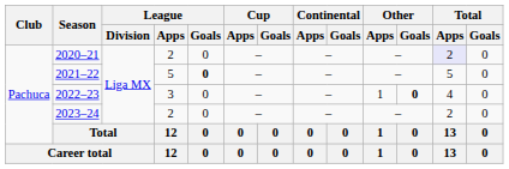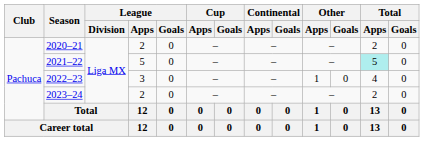 <table class="wikitable" style="text-align: center">
 <tr>
 <th rowspan="2">Club</th>
 <th rowspan="2">Season</th>
 <th colspan="3">League</th>
 <th colspan="2">Cup</th>
 <th colspan="2">Continental</th>
 <th colspan="2">Other</th>
 <th colspan="2">Total</th>
 </tr>
 <tr>
 <th>Division</th>
 <th>Apps</th>
 <th>Goals</th>
 <th>Apps</th>
 <th>Goals</th>
 <th>Apps</th>
 <th>Goals</th>
 <th>Apps</th>
 <th>Goals</th>
 <th>Apps</th>
 <th>Goals</th>
 </tr>
 <tr>
 <td rowspan=5><a href='#'>Pachuca</a></td>
 <td><a href='#'>2020–21</a></td>
 <td rowspan=4><a href='#'>Liga MX</a></td>
 <td>2</td>
 <td>0</td>
 <td colspan="2">–</td>
 <td colspan="2">–</td>
 <td colspan="2">–</td>
-<td style="background: lavender;">2</td>
+<td>2</td>
 <td>0</td>
 </tr>
 <tr>
 <td><a href='#'>2021–22</a></td>
 <td>5</td>
-<td><strong>0</strong></td>
+<td>0</td>
 <td colspan="2">–</td>
 <td colspan="2">–</td>
 <td colspan="2">–</td>
-<td>5</td>
+<td style="background: paleturquoise;">5</td>
 <td>0</td>
 </tr>
 <tr>
 <td><a href='#'>2022–23</a></td>
 <td>3</td>
 <td>0</td>
 <td colspan="2">–</td>
 <td colspan="2">–</td>
 <td>1</td>
-<td><strong>0</strong></td>
+<td>0</td>
 <td>4</td>
 <td>0</td>
 </tr>
 <tr>
 <td><a href='#'>2023–24</a></td>
 <td>2</td>
 <td>0</td>
 <td colspan="2">–</td>
 <td colspan="2">–</td>
 <td colspan="2">–</td>
 <td>2</td>
 <td>0</td>
 </tr>
 <tr>
 <th colspan="2">Total</th>
 <th>12</th>
 <th>0</th>
 <th>0</th>
 <th>0</th>
 <th>0</th>
 <th>0</th>
 <th>1</th>
 <th>0</th>
 <th>13</th>
 <th>0</th>
 </tr>
 <tr>
 <th colspan="3"><strong>Career total</strong></th>
 <th>12</th>
 <th>0</th>
 <th>0</th>
 <th>0</th>
 <th>0</th>
 <th>0</th>
 <th>1</th>
 <th>0</th>
 <th>13</th>
 <th>0</th>
 </tr>
 </table>
